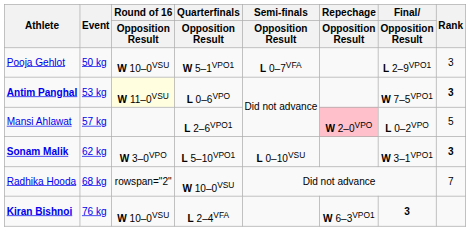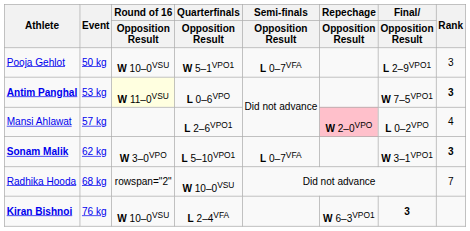 <table class=wikitable style="text-align:center; font-size:90%">
 <tr>
 <th rowspan=2>Athlete</th>
 <th rowspan=2>Event</th>
 <th>Round of 16</th>
 <th>Quarterfinals</th>
 <th>Semi-finals</th>
 <th>Repechage</th>
 <th>Final/</th>
 <th rowspan=2>Rank</th>
 </tr>
 <tr>
 <th>Opposition<br>Result</th>
 <th>Opposition<br>Result</th>
 <th>Opposition<br>Result</th>
 <th>Opposition<br>Result</th>
 <th>Opposition<br>Result</th>
 </tr>
 <tr>
 <td align=left><a href='#'>Pooja Gehlot</a></td>
 <td align=left><a href='#'>50 kg</a></td>
 <td><br><strong>W</strong> 10–0<sup>VSU</sup></td>
 <td><br><strong>W</strong> 5–1<sup>VPO1</sup></td>
 <td><br><strong>L</strong> 0–7<sup>VFA</sup></td>
 <td></td>
 <td><br><strong>L</strong> 2–9<sup>VPO1</sup></td>
 <td>3</td>
 </tr>
 <tr>
 <td align=left><strong><a href='#'>Antim Panghal</a></strong></td>
 <td align=left><a href='#'>53 kg</a></td>
 <td style="background: lightyellow;"><br><strong>W</strong> 11–0<sup>VSU</sup></td>
 <td><br><strong>L</strong> 0–6<sup>VPO</sup></td>
 <td rowspan=2>Did not advance</td>
 <td></td>
 <td><br><strong>W</strong> 7–5<sup>VPO1</sup></td>
 <td><strong>3</strong></td>
 </tr>
 <tr>
 <td align=left><a href='#'>Mansi Ahlawat</a></td>
 <td align=left><a href='#'>57 kg</a></td>
 <td></td>
 <td><br><strong>L</strong> 2–6<sup>VPO1</sup></td>
 <td style="background: pink;"><br><strong>W</strong> 2–0<sup>VPO</sup></td>
 <td><br><strong>L</strong> 0–2<sup>VPO</sup></td>
-<td>5</td>
+<td>4</td>
 </tr>
 <tr>
 <td align=left><strong><a href='#'>Sonam Malik</a></strong></td>
 <td align=left><a href='#'>62 kg</a></td>
 <td><br><strong>W</strong> 3–0<sup>VPO</sup></td>
 <td><br><strong>L</strong> 5–10<sup>VPO1</sup></td>
-<td><br><strong>L</strong> 0–10<sup>VSU</sup></td>
+<td><br><strong>L</strong> 0–7<sup>VFA</sup></td>
 <td></td>
 <td><br><strong>W</strong> 3–1<sup>VPO1</sup></td>
 <td><strong>3</strong></td>
 </tr>
 <tr>
 <td align=left><a href='#'>Radhika Hooda</a></td>
 <td align=left><a href='#'>68 kg</a></td>
 <td>rowspan="2" </td>
 <td><br><strong>W</strong> 10–0<sup>VSU</sup></td>
 <td colspan="3">Did not advance</td>
 <td>7</td>
 </tr>
 <tr>
 <td align=left><strong><a href='#'>Kiran Bishnoi</a></strong></td>
 <td align=left><a href='#'>76 kg</a></td>
 <td><br><strong>W</strong> 10–0<sup>VSU</sup></td>
 <td><br><strong>L</strong> 2–4<sup>VFA</sup></td>
 <td></td>
 <td><br><strong>W</strong> 6–3<sup>VPO1</sup></td>
 <td><strong>3</strong></td>
 </tr>
 </table>
